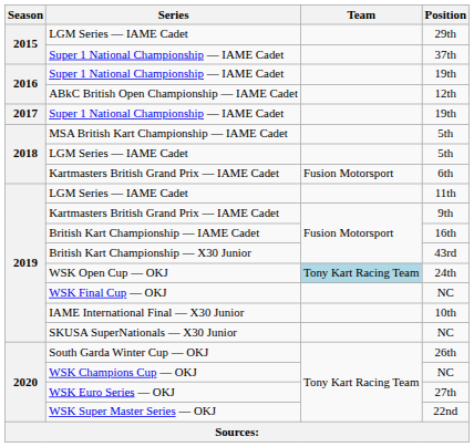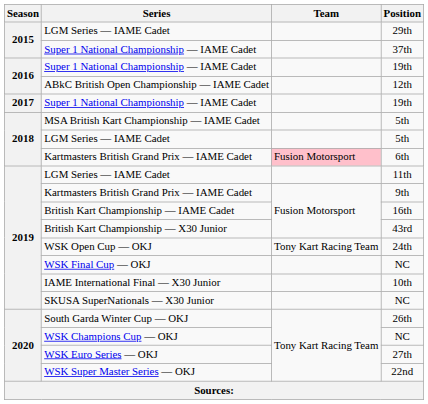 <table class="wikitable" style="font-size: 85%; text-align:center">
 <tr>
 <th>Season</th>
 <th>Series</th>
 <th>Team</th>
 <th>Position</th>
 </tr>
 <tr>
 <th rowspan="2">2015</th>
 <td align="left">LGM Series — IAME Cadet</td>
 <td align="left"></td>
 <td>29th</td>
 </tr>
 <tr>
 <td align="left"><a href='#'>Super 1 National Championship</a> — IAME Cadet</td>
 <td align="left"></td>
 <td>37th</td>
 </tr>
 <tr>
 <th rowspan="2">2016</th>
 <td align="left"><a href='#'>Super 1 National Championship</a> — IAME Cadet</td>
 <td align="left"></td>
 <td>19th</td>
 </tr>
 <tr>
 <td align="left">ABkC British Open Championship — IAME Cadet</td>
 <td align="left"></td>
 <td>12th</td>
 </tr>
 <tr>
 <th>2017</th>
 <td align="left"><a href='#'>Super 1 National Championship</a> — IAME Cadet</td>
 <td align="left"></td>
 <td>19th</td>
 </tr>
 <tr>
 <th rowspan="3">2018</th>
 <td align="left">MSA British Kart Championship — IAME Cadet</td>
 <td align="left"></td>
 <td>5th</td>
 </tr>
 <tr>
 <td align="left">LGM Series — IAME Cadet</td>
 <td></td>
 <td>5th</td>
 </tr>
 <tr>
 <td align="left">Kartmasters British Grand Prix — IAME Cadet</td>
-<td align="left">Fusion Motorsport</td>
+<td align="left" style="background: pink;">Fusion Motorsport</td>
 <td>6th</td>
 </tr>
 <tr>
 <th rowspan="8">2019</th>
 <td align="left">LGM Series — IAME Cadet</td>
 <td align="left"></td>
 <td>11th</td>
 </tr>
 <tr>
 <td align="left">Kartmasters British Grand Prix — IAME Cadet</td>
 <td rowspan="3" align="left">Fusion Motorsport</td>
 <td>9th</td>
 </tr>
 <tr>
 <td align="left">British Kart Championship — IAME Cadet</td>
 <td>16th</td>
 </tr>
 <tr>
 <td align="left">British Kart Championship — X30 Junior</td>
 <td>43rd</td>
 </tr>
 <tr>
 <td align="left">WSK Open Cup — OKJ</td>
-<td style="background: lightblue;">Tony Kart Racing Team</td>
+<td>Tony Kart Racing Team</td>
 <td>24th</td>
 </tr>
 <tr>
 <td align="left"><a href='#'>WSK Final Cup</a> — OKJ</td>
 <td></td>
 <td>NC</td>
 </tr>
 <tr>
 <td align="left">IAME International Final — X30 Junior</td>
 <td></td>
 <td>10th</td>
 </tr>
 <tr>
 <td align="left">SKUSA SuperNationals — X30 Junior</td>
 <td align="left"></td>
 <td>NC</td>
 </tr>
 <tr>
 <th rowspan="4">2020</th>
 <td align="left">South Garda Winter Cup — OKJ</td>
 <td rowspan="4" align="left">Tony Kart Racing Team</td>
 <td>26th</td>
 </tr>
 <tr>
 <td align="left"><a href='#'>WSK Champions Cup</a> — OKJ</td>
 <td>NC</td>
 </tr>
 <tr>
 <td align="left"><a href='#'>WSK Euro Series</a> — OKJ</td>
 <td>27th</td>
 </tr>
 <tr>
 <td align="left"><a href='#'>WSK Super Master Series</a> — OKJ</td>
 <td>22nd</td>
 </tr>
 <tr>
 <th colspan="4">Sources:</th>
 </tr>
 </table>
